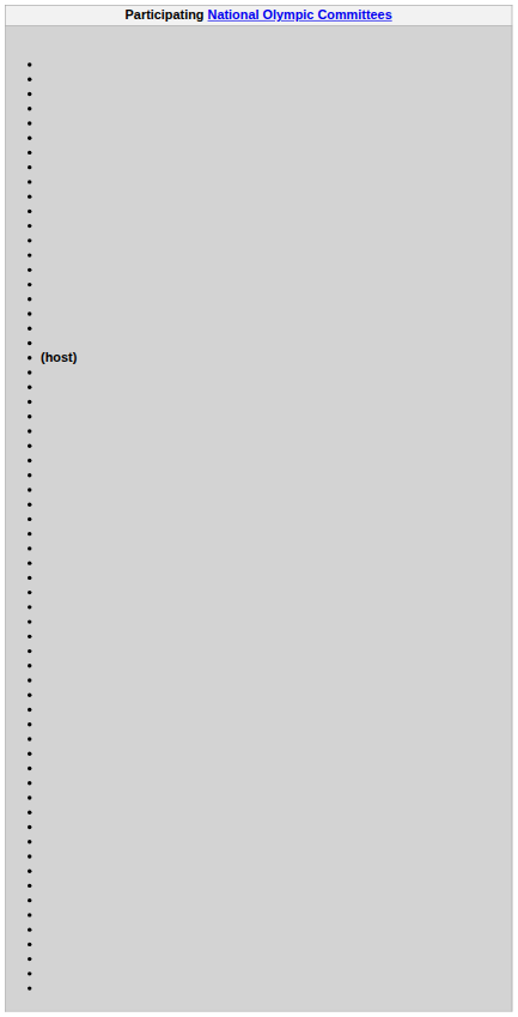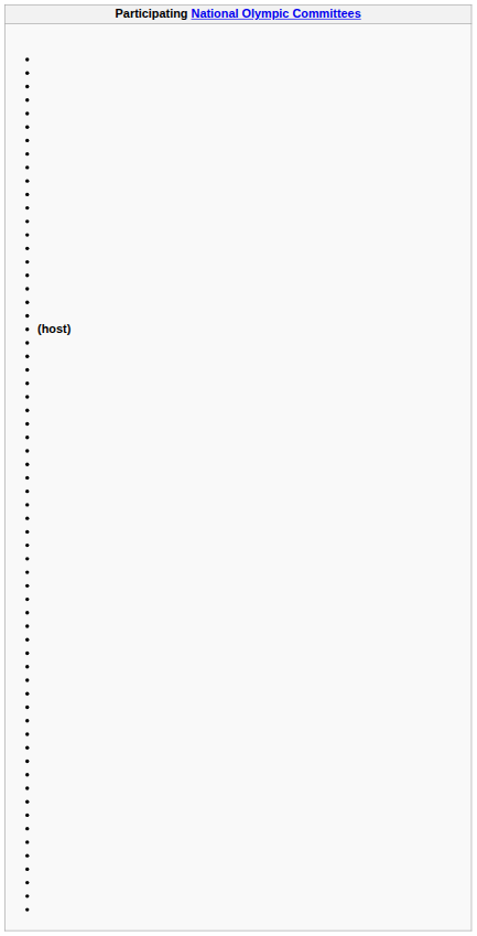 <table class="wikitable collapsible" style="width:100%;">
 <tr>
 <th>Participating <a href='#'>National Olympic Committees</a></th>
 </tr>
 <tr>
-<td style="background: lightgrey;"><br><ul><li></li><li></li><li></li><li></li><li></li><li></li><li></li><li></li><li></li><li></li><li></li><li></li><li></li><li></li><li></li><li></li><li></li><li></li><li></li><li></li><li> <strong>(host)</strong></li><li></li><li></li><li></li><li></li><li></li><li></li><li></li><li></li><li></li><li></li><li></li><li></li><li></li><li></li><li></li><li></li><li></li><li></li><li></li><li></li><li></li><li></li><li></li><li></li><li></li><li></li><li></li><li></li><li></li><li></li><li></li><li></li><li></li><li></li><li></li><li></li><li></li><li></li><li></li><li></li><li></li><li></li><li></li></ul></td>
+<td><br><ul><li></li><li></li><li></li><li></li><li></li><li></li><li></li><li></li><li></li><li></li><li></li><li></li><li></li><li></li><li></li><li></li><li></li><li></li><li></li><li></li><li> <strong>(host)</strong></li><li></li><li></li><li></li><li></li><li></li><li></li><li></li><li></li><li></li><li></li><li></li><li></li><li></li><li></li><li></li><li></li><li></li><li></li><li></li><li></li><li></li><li></li><li></li><li></li><li></li><li></li><li></li><li></li><li></li><li></li><li></li><li></li><li></li><li></li><li></li><li></li><li></li><li></li><li></li><li></li><li></li><li></li><li></li></ul></td>
 </tr>
 </table>
